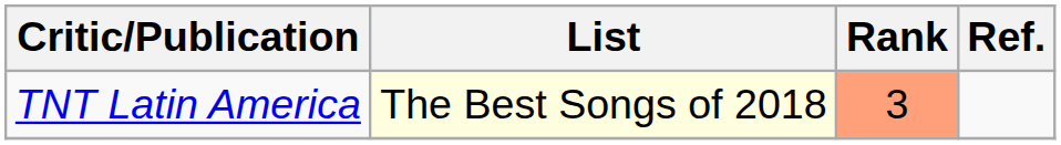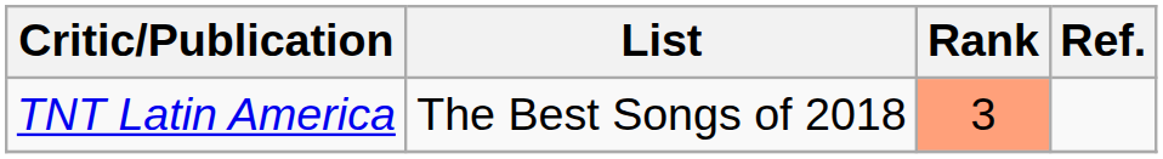 <table class="sortable wikitable">
 <tr>
 <th>Critic/Publication</th>
 <th>List</th>
 <th>Rank</th>
 <th>Ref.</th>
 </tr>
 <tr>
 <td align="center"><em><a href='#'>TNT Latin America</a></em></td>
-<td align="center" style="background: lightyellow;">The Best Songs of 2018</td>
+<td align="center">The Best Songs of 2018</td>
 <td align="center" style="background: lightsalmon;">3</td>
 <td align="center"></td>
 </tr>
 <tr>
 </tr>
 </table>
